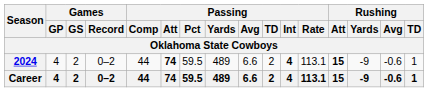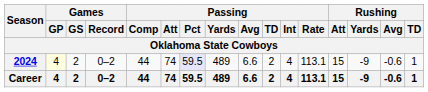 <table class="wikitable" style="text-align:center;">
 <tr>
 <th rowspan="2">Season</th>
 <th colspan="3">Games</th>
 <th colspan="8">Passing</th>
 <th colspan="5">Rushing</th>
 </tr>
 <tr>
 <th>GP</th>
 <th>GS</th>
 <th>Record</th>
 <th>Comp</th>
 <th>Att</th>
 <th>Pct</th>
 <th>Yards</th>
 <th>Avg</th>
 <th>TD</th>
 <th>Int</th>
 <th>Rate</th>
 <th>Att</th>
 <th>Yards</th>
 <th>Avg</th>
 <th>TD</th>
 </tr>
 <tr>
 <th colspan="17">Oklahoma State Cowboys</th>
 </tr>
 <tr>
 <th><a href='#'>2024</a></th>
-<td>4</td>
+<td style="background: lightyellow;">4</td>
 <td>2</td>
 <td>0–2</td>
 <td>44</td>
-<td><strong>74</strong></td>
-<td>59.5</td>
+<td>74</td>
+<td style="background: lavender;">59.5</td>
 <td>489</td>
 <td>6.6</td>
 <td>2</td>
-<td><strong>4</strong></td>
+<td>4</td>
 <td>113.1</td>
-<td><strong>15</strong></td>
+<td>15</td>
 <td>-9</td>
 <td>-0.6</td>
 <td>1</td>
 </tr>
 <tr>
 <th>Career</th>
 <th>4</th>
 <th>2</th>
 <th>0–2</th>
 <th>44</th>
 <th>74</th>
 <th>59.5</th>
 <th>489</th>
 <th>6.6</th>
 <th>2</th>
 <th>4</th>
 <th>113.1</th>
 <th>15</th>
 <th>-9</th>
 <th>-0.6</th>
 <th>1</th>
 </tr>
 </table>
